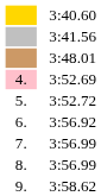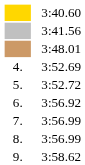 <table style="text-align:center">
 <tr>
 <td width=30 bgcolor=gold></td>
 <td align=left></td>
 <td width=60>3:40.60</td>
 </tr>
 <tr>
 <td bgcolor=silver></td>
 <td align=left></td>
 <td>3:41.56</td>
 </tr>
 <tr>
 <td bgcolor=cc9966></td>
 <td align=left></td>
 <td>3:48.01</td>
 </tr>
 <tr>
-<td style="background: pink;">4.</td>
+<td>4.</td>
 <td align=left></td>
 <td>3:52.69</td>
 </tr>
 <tr>
 <td>5.</td>
 <td align=left></td>
 <td>3:52.72</td>
 </tr>
 <tr>
 <td>6.</td>
 <td align=left></td>
 <td>3:56.92</td>
 </tr>
 <tr>
 <td>7.</td>
 <td align=left></td>
 <td>3:56.99</td>
 </tr>
 <tr>
 <td>8.</td>
 <td align=left></td>
 <td>3:56.99</td>
 </tr>
 <tr>
 <td>9.</td>
 <td align=left></td>
 <td>3:58.62</td>
 </tr>
 </table>
